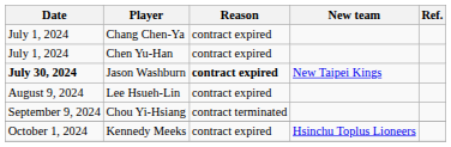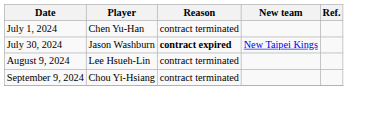 <table class="wikitable">
 <tr>
 <th>Date</th>
 <th>Player</th>
 <th>Reason</th>
 <th>New team</th>
 <th>Ref.</th>
 </tr>
 <tr>
 <td>July 1, 2024</td>
-<td>Chang Chen-Ya</td>
-<td>contract expired</td>
+<td>Chen Yu-Han</td>
+<td>contract terminated</td>
 <td></td>
 <td></td>
 </tr>
 <tr>
-<td>July 1, 2024</td>
-<td>Chen Yu-Han</td>
-<td>contract expired</td>
-<td></td>
-<td></td>
-</tr>
-<tr>
-<td><strong>July 30, 2024</strong></td>
+<td>July 30, 2024</td>
 <td>Jason Washburn</td>
 <td><strong>contract expired</strong></td>
 <td><a href='#'>New Taipei Kings</a></td>
 <td></td>
 </tr>
 <tr>
 <td>August 9, 2024</td>
 <td>Lee Hsueh-Lin</td>
-<td>contract expired</td>
+<td>contract terminated</td>
 <td></td>
 <td></td>
 </tr>
 <tr>
 <td>September 9, 2024</td>
 <td>Chou Yi-Hsiang</td>
 <td>contract terminated</td>
 <td></td>
 <td></td>
 </tr>
 <tr>
 </tr>
 <tr>
-<td>October 1, 2024</td>
-<td>Kennedy Meeks</td>
-<td>contract expired</td>
-<td><a href='#'>Hsinchu Toplus Lioneers</a></td>
-<td></td>
-</tr>
-<tr>
 </tr>
 </table>
